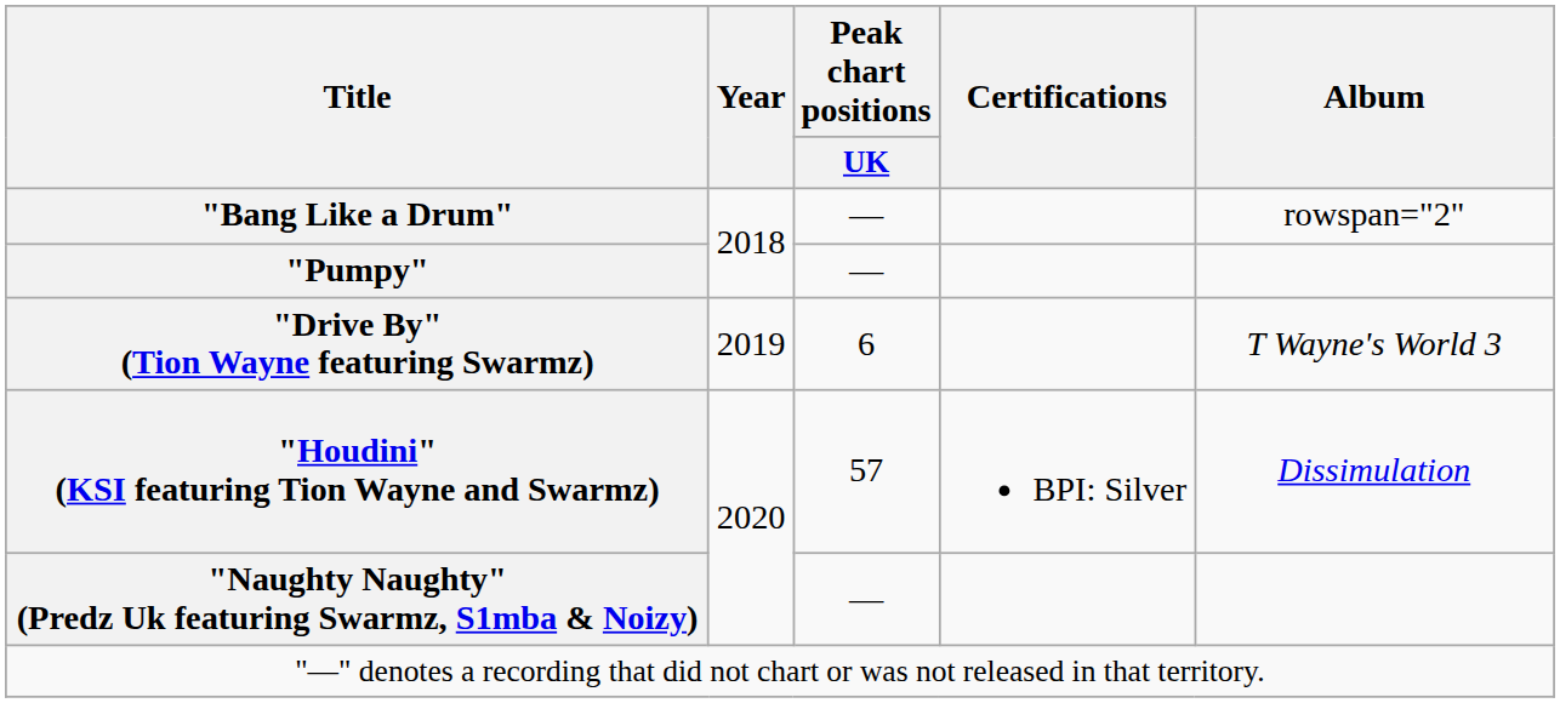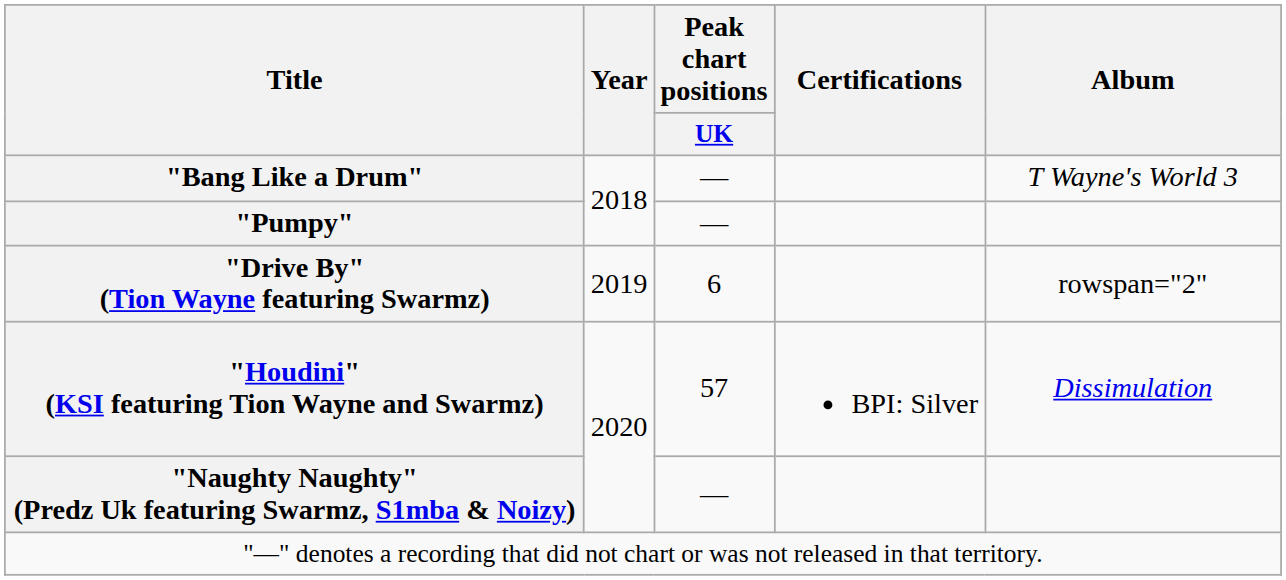 <table class="wikitable plainrowheaders" style="text-align:center;">
 <tr>
 <th rowspan="2" scope="col" style="width:20em;">Title</th>
 <th rowspan="2" scope="col" style="width:1em;">Year</th>
 <th colspan="1" scope="col">Peak chart positions</th>
 <th rowspan="2" scope="col">Certifications</th>
 <th rowspan="2" scope="col" style="width:10em;">Album</th>
 </tr>
 <tr>
 <th scope="col" style="width:3em;font-size:90%;"><a href='#'>UK</a><br></th>
 </tr>
 <tr>
 <th scope="row">"Bang Like a Drum"<br></th>
 <td rowspan="2">2018</td>
 <td>—</td>
 <td></td>
-<td>rowspan="2" </td>
+<td><em>T Wayne's World 3</em></td>
 </tr>
 <tr>
 <th scope="row">"Pumpy"<br></th>
 <td>—</td>
 <td></td>
 </tr>
 <tr>
 <th scope="row">"Drive By"<br><span>(<a href='#'>Tion Wayne</a> featuring Swarmz)</span></th>
 <td>2019</td>
 <td>6</td>
 <td></td>
-<td><em>T Wayne's World 3</em></td>
+<td>rowspan="2" </td>
 </tr>
 <tr>
 <th scope="row">"<a href='#'>Houdini</a>"<br><span>(<a href='#'>KSI</a> featuring Tion Wayne and Swarmz)</span></th>
 <td rowspan="2">2020</td>
 <td>57</td>
 <td><br><ul><li>BPI: Silver</li></ul></td>
 <td><em><a href='#'>Dissimulation</a></em></td>
 </tr>
 <tr>
 <th scope="row">"Naughty Naughty"<br><span>(Predz Uk featuring Swarmz, <a href='#'>S1mba</a> & <a href='#'>Noizy</a>)</span></th>
 <td>—</td>
 <td></td>
 <td></td>
 </tr>
 <tr>
 <td colspan="7" style="font-size:90%">"—" denotes a recording that did not chart or was not released in that territory.</td>
 </tr>
 </table>
